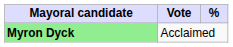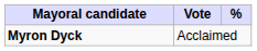 <table class="wikitable">
 <tr>
 <th style="background:#ddf;" width="200px">Mayoral candidate</th>
 <th style="background:#ddf;" width="50px">Vote</th>
 <th style="background:#ddf;" width="30px">%</th>
 </tr>
 <tr>
-<td style="background: lightgreen;"><strong>Myron Dyck</strong></td>
+<td><strong>Myron Dyck</strong></td>
 <td colspan="2">Acclaimed</td>
 </tr>
 </table>
